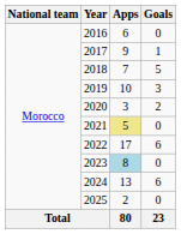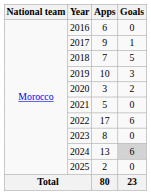 <table class="wikitable" style="text-align:center">
 <tr>
 <th>National team</th>
 <th>Year</th>
 <th>Apps</th>
 <th>Goals</th>
 </tr>
 <tr>
 <td rowspan="10"><a href='#'>Morocco</a></td>
 <td>2016</td>
 <td>6</td>
 <td>0</td>
 </tr>
 <tr>
 <td>2017</td>
 <td>9</td>
 <td>1</td>
 </tr>
 <tr>
 <td>2018</td>
 <td>7</td>
 <td>5</td>
 </tr>
 <tr>
 <td>2019</td>
 <td>10</td>
 <td>3</td>
 </tr>
 <tr>
 <td>2020</td>
 <td>3</td>
 <td>2</td>
 </tr>
 <tr>
 <td>2021</td>
-<td style="background: khaki;">5</td>
+<td>5</td>
 <td>0</td>
 </tr>
 <tr>
 <td>2022</td>
 <td>17</td>
 <td>6</td>
 </tr>
 <tr>
 <td>2023</td>
-<td style="background: lightblue;">8</td>
+<td>8</td>
 <td>0</td>
 </tr>
 <tr>
 <td>2024</td>
 <td>13</td>
-<td>6</td>
+<td style="background: lightgrey;">6</td>
 </tr>
 <tr>
 <td>2025</td>
 <td>2</td>
 <td>0</td>
 </tr>
 <tr>
 <th colspan="2">Total</th>
 <th>80</th>
 <th>23</th>
 </tr>
 </table>
